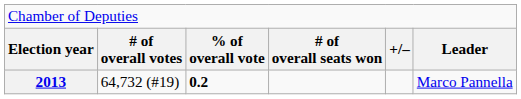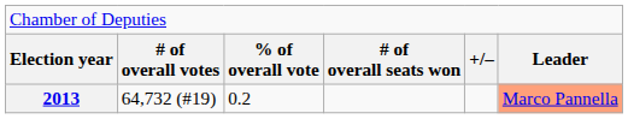 <table class=wikitable>
 <tr>
 <td colspan=7><a href='#'>Chamber of Deputies</a></td>
 </tr>
 <tr>
 <th>Election year</th>
 <th># of<br>overall votes</th>
 <th>% of<br>overall vote</th>
 <th># of<br>overall seats won</th>
 <th>+/–</th>
 <th>Leader</th>
 </tr>
 <tr>
 <th><a href='#'>2013</a></th>
 <td>64,732 (#19)</td>
-<td><strong>0.2</strong></td>
+<td>0.2</td>
 <td></td>
 <td></td>
-<td><a href='#'>Marco Pannella</a></td>
+<td style="background: lightsalmon;"><a href='#'>Marco Pannella</a></td>
 </tr>
 </table>
